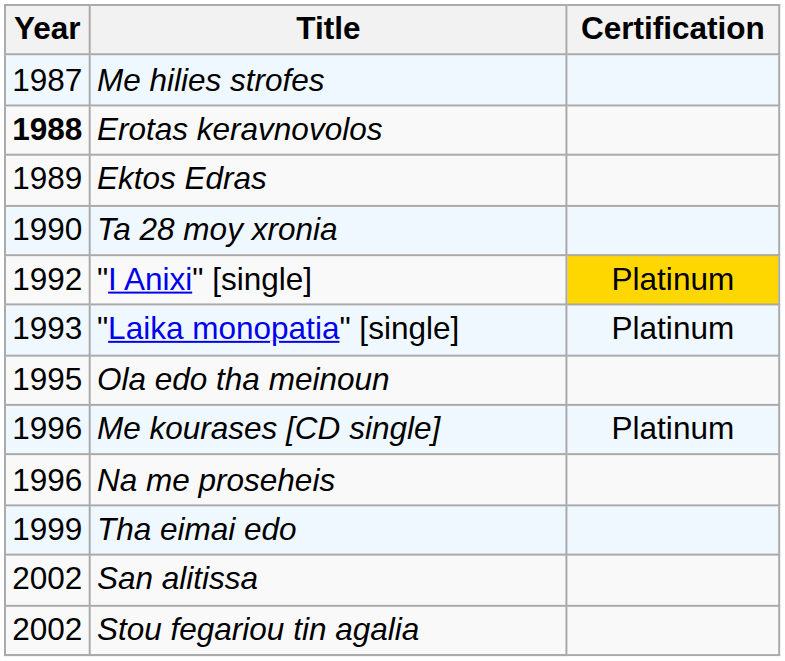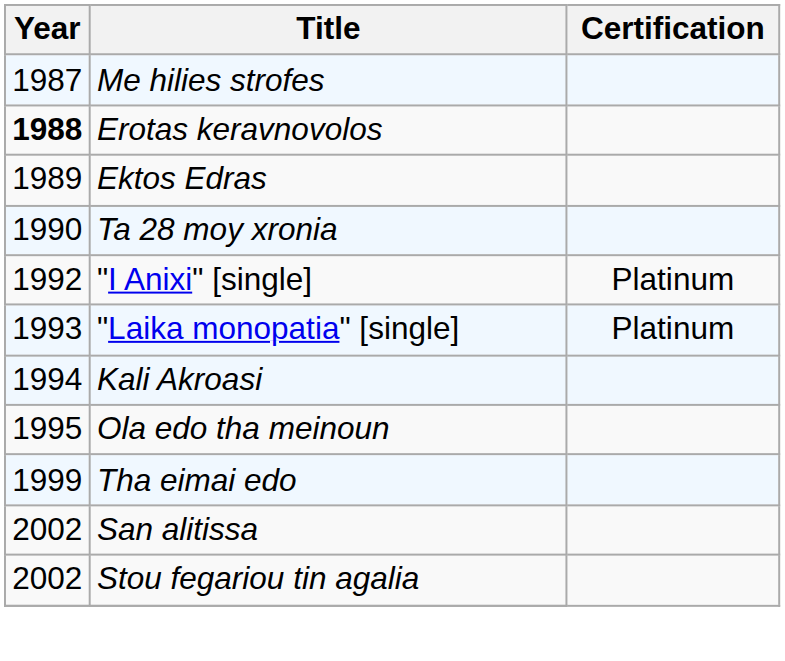 <table class="wikitable">
 <tr>
 <th width="20">Year</th>
 <th width="235">Title</th>
 <th width="100">Certification</th>
 </tr>
 <tr bgcolor="#F0F8FF">
 <td>1987</td>
 <td><em>Me hilies strofes</em></td>
 <td></td>
 </tr>
 <tr>
 <td><strong>1988</strong></td>
 <td><em>Erotas keravnovolos</em></td>
 <td></td>
 </tr>
 <tr>
 <td>1989</td>
 <td><em>Ektos Edras</em></td>
 <td></td>
 </tr>
 <tr bgcolor="#F0F8FF">
 <td>1990</td>
 <td><em>Ta 28 moy xronia</em></td>
 <td></td>
 </tr>
 <tr>
 <td>1992</td>
 <td>"<a href='#'>I Anixi</a>" [single]</td>
-<td align="center" style="background: gold;">Platinum</td>
+<td align="center">Platinum</td>
 </tr>
 <tr bgcolor="#F0F8FF">
 <td>1993</td>
 <td>"<a href='#'>Laika monopatia</a>" [single]</td>
 <td align="center">Platinum</td>
 </tr>
+<tr bgcolor="#F0F8FF">
+<td>1994</td>
+<td><em>Kali Akroasi</em></td>
+<td></td>
+</tr>
 <tr>
 <td>1995</td>
 <td><em>Ola edo tha meinoun</em></td>
-<td></td>
-</tr>
-<tr bgcolor="#F0F8FF">
-<td>1996</td>
-<td><em>Me kourases [CD single]</em></td>
-<td align="center">Platinum</td>
-</tr>
-<tr>
-<td>1996</td>
-<td><em>Na me proseheis</em></td>
 <td></td>
 </tr>
 <tr bgcolor="#F0F8FF">
 <td>1999</td>
 <td><em>Tha eimai edo</em></td>
 <td></td>
 </tr>
 <tr>
 <td>2002</td>
 <td><em>San alitissa</em></td>
 <td></td>
 </tr>
 <tr>
 <td>2002</td>
 <td><em>Stou fegariou tin agalia</em></td>
 </tr>
 <tr>
 </tr>
 </table>
